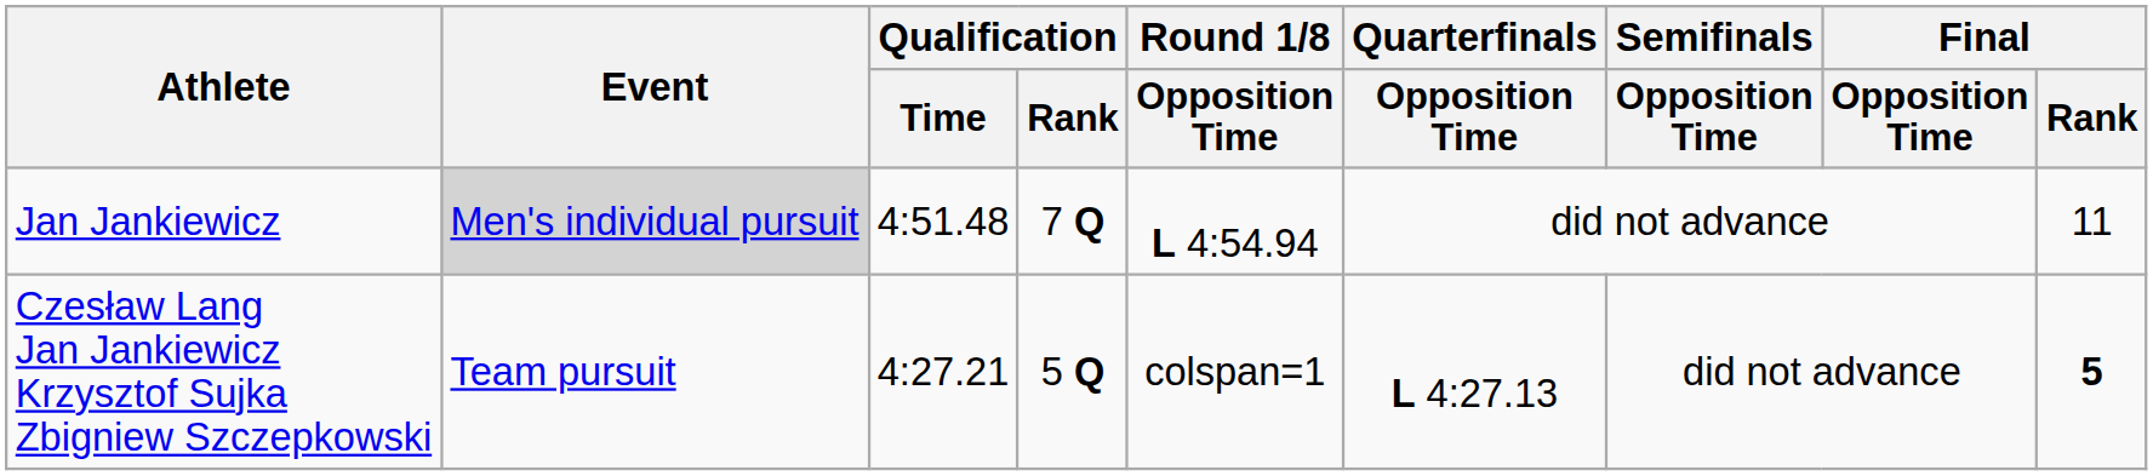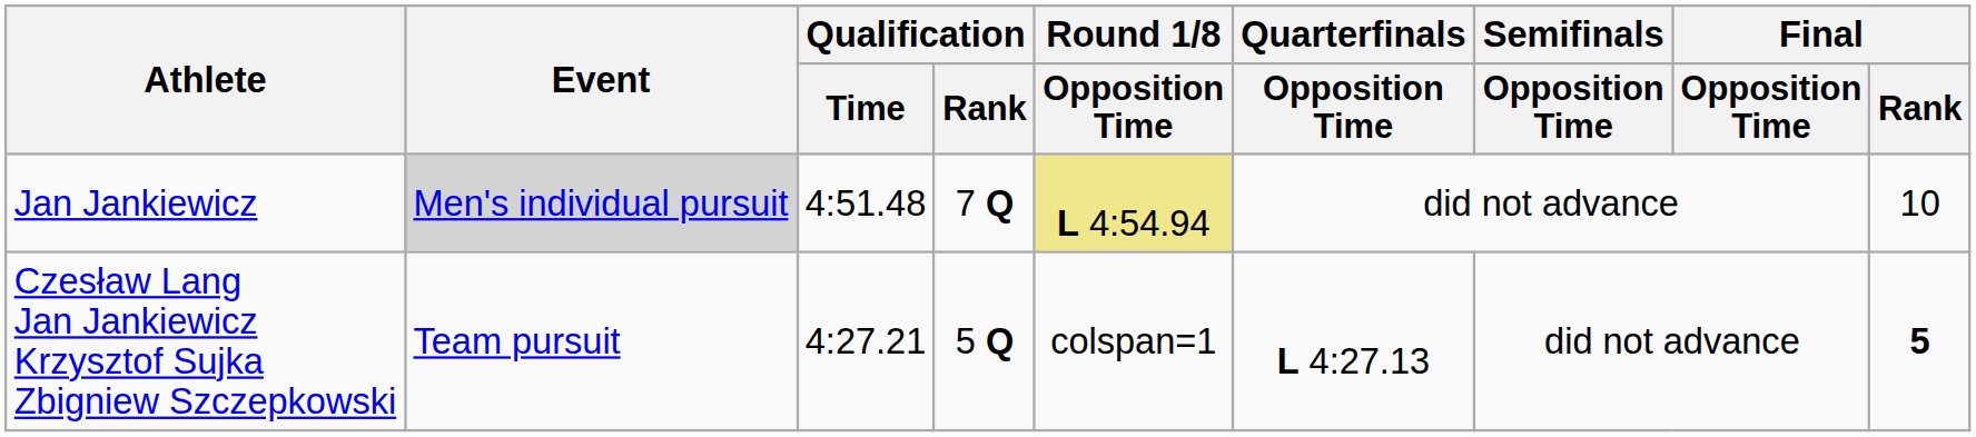 <table class="wikitable" style="font-size:90%">
 <tr>
 <th rowspan="2">Athlete</th>
 <th rowspan="2">Event</th>
 <th colspan=2>Qualification</th>
 <th>Round 1/8</th>
 <th>Quarterfinals</th>
 <th>Semifinals</th>
 <th colspan=2>Final</th>
 </tr>
 <tr style="font-size:95%">
 <th>Time</th>
 <th>Rank</th>
 <th>Opposition<br>Time</th>
 <th>Opposition<br>Time</th>
 <th>Opposition<br>Time</th>
 <th>Opposition<br>Time</th>
 <th>Rank</th>
 </tr>
 <tr align=center>
 <td align=left><a href='#'>Jan Jankiewicz</a></td>
 <td align=left style="background: lightgrey;"><a href='#'>Men's individual pursuit</a></td>
 <td>4:51.48</td>
 <td>7 <strong>Q</strong></td>
-<td><br><strong>L</strong> 4:54.94</td>
+<td style="background: khaki;"><br><strong>L</strong> 4:54.94</td>
 <td colspan=3>did not advance</td>
-<td>11</td>
+<td>10</td>
 </tr>
 <tr align=center>
 <td align=left><a href='#'>Czesław Lang</a><br><a href='#'>Jan Jankiewicz</a><br><a href='#'>Krzysztof Sujka</a><br><a href='#'>Zbigniew Szczepkowski</a></td>
 <td align=left><a href='#'>Team pursuit</a></td>
 <td>4:27.21</td>
 <td>5 <strong>Q</strong></td>
 <td>colspan=1 </td>
 <td><br><strong>L</strong> 4:27.13</td>
 <td colspan=2>did not advance</td>
 <td><strong>5</strong></td>
 </tr>
 </table>
